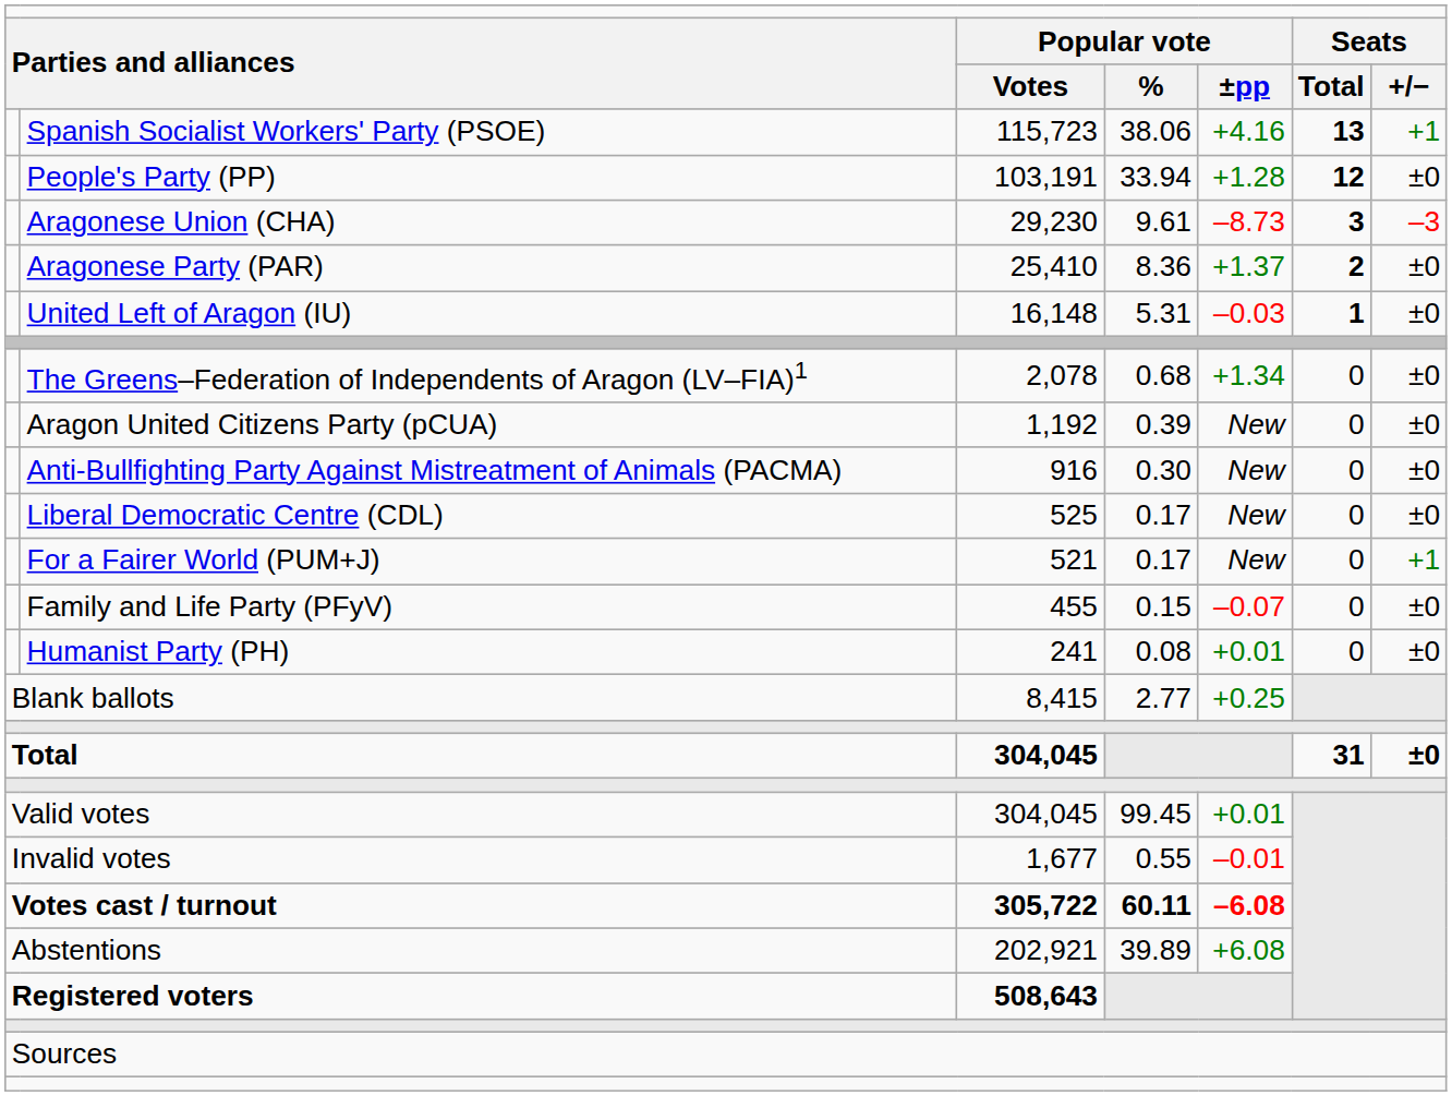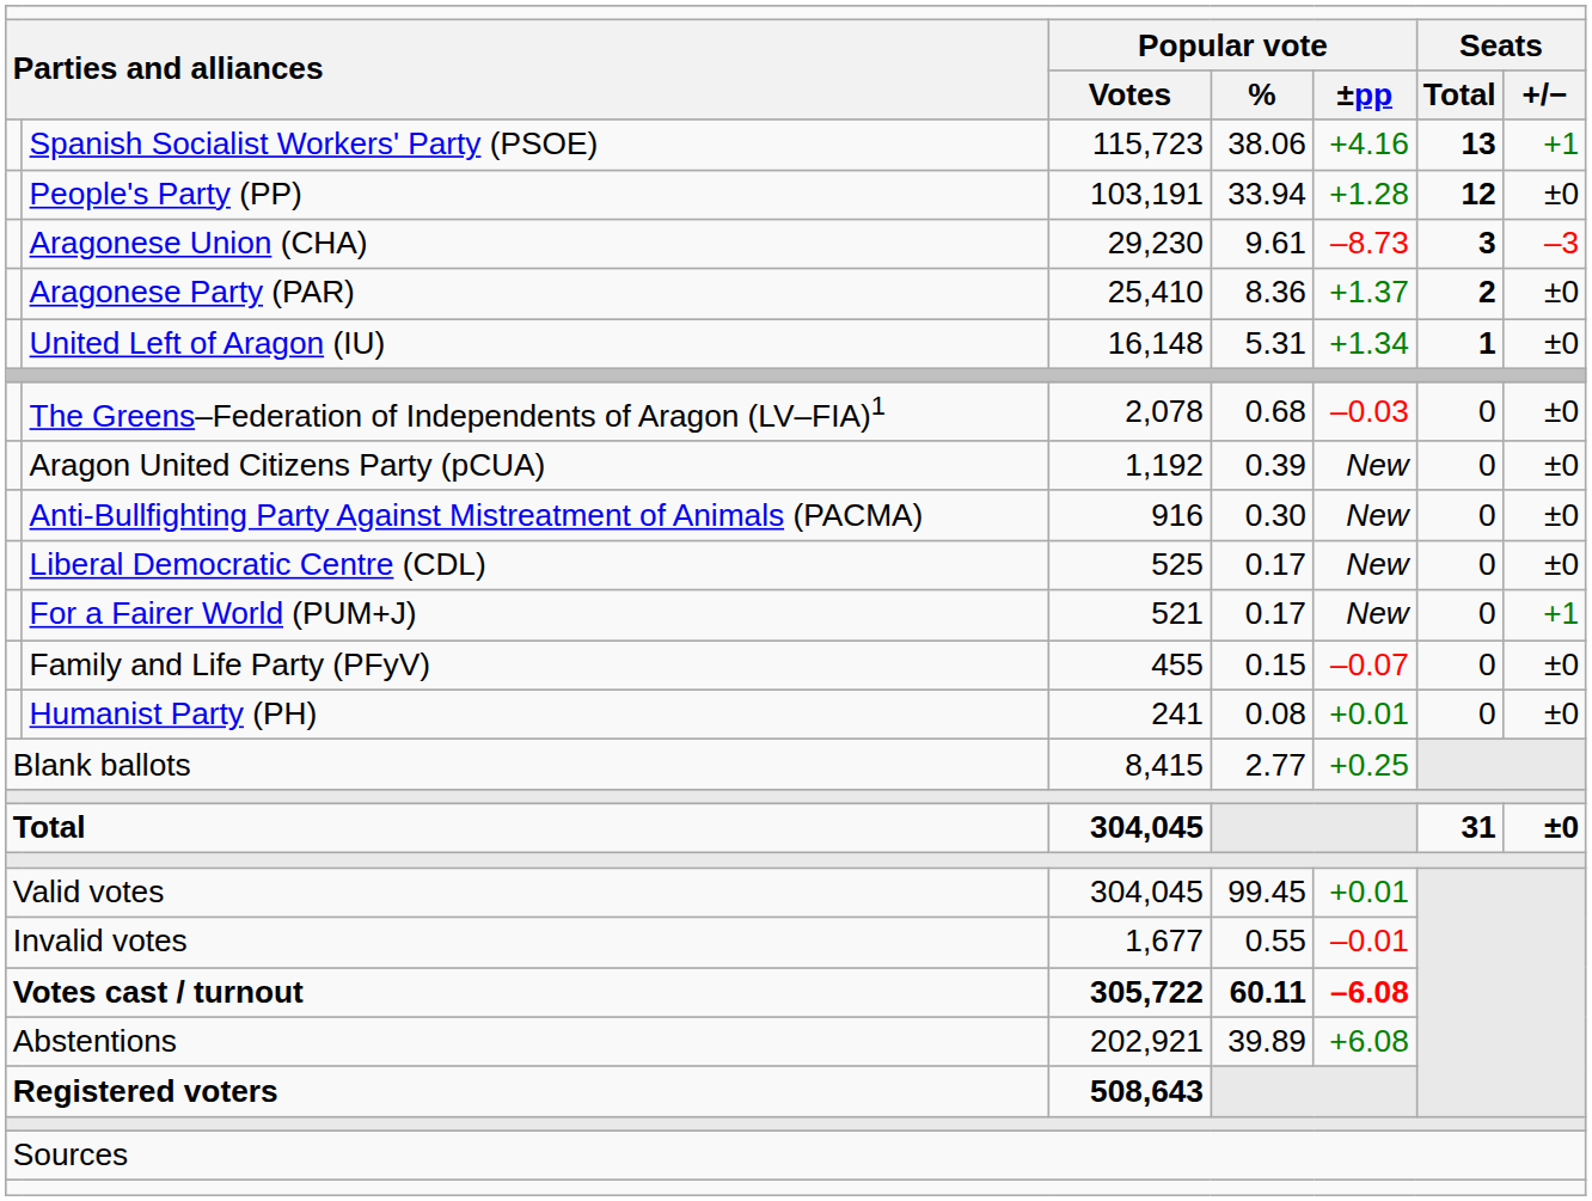 <table class="wikitable" style="text-align:right;">
 <tr>
 <td colspan="7"></td>
 </tr>
 <tr>
 <th style="text-align:left;" rowspan="2" colspan="2" width="525">Parties and alliances</th>
 <th colspan="3">Popular vote</th>
 <th colspan="2">Seats</th>
 </tr>
 <tr>
 <th width="75">Votes</th>
 <th width="45">%</th>
 <th width="45">±<a href='#'>pp</a></th>
 <th width="35">Total</th>
 <th width="35">+/−</th>
 </tr>
 <tr>
 <td width="1" style="color:inherit;background:"></td>
 <td align="left"><a href='#'>Spanish Socialist Workers' Party</a> (PSOE)</td>
 <td>115,723</td>
 <td>38.06</td>
 <td style="color:green;">+4.16</td>
 <td><strong>13</strong></td>
 <td style="color:green;">+1</td>
 </tr>
 <tr>
 <td style="color:inherit;background:"></td>
 <td align="left"><a href='#'>People's Party</a> (PP)</td>
 <td>103,191</td>
 <td>33.94</td>
 <td style="color:green;">+1.28</td>
 <td><strong>12</strong></td>
 <td>±0</td>
 </tr>
 <tr>
 <td style="color:inherit;background:"></td>
 <td align="left"><a href='#'>Aragonese Union</a> (CHA)</td>
 <td>29,230</td>
 <td>9.61</td>
 <td style="color:red;">–8.73</td>
 <td><strong>3</strong></td>
 <td style="color:red;">–3</td>
 </tr>
 <tr>
 <td style="color:inherit;background:"></td>
 <td align="left"><a href='#'>Aragonese Party</a> (PAR)</td>
 <td>25,410</td>
 <td>8.36</td>
 <td style="color:green;">+1.37</td>
 <td><strong>2</strong></td>
 <td>±0</td>
 </tr>
 <tr>
 <td style="color:inherit;background:"></td>
 <td align="left"><a href='#'>United Left of Aragon</a> (IU)</td>
 <td>16,148</td>
 <td>5.31</td>
-<td style="color:red;">–0.03</td>
+<td style="color:green;">+1.34</td>
 <td><strong>1</strong></td>
 <td>±0</td>
 </tr>
 <tr>
 <td colspan="7" bgcolor="#C0C0C0"></td>
 </tr>
 <tr>
 <td style="color:inherit;background:"></td>
 <td align="left"><a href='#'>The Greens</a>–Federation of Independents of Aragon (LV–FIA)<sup>1</sup></td>
 <td>2,078</td>
 <td>0.68</td>
-<td style="color:green;">+1.34</td>
+<td style="color:red;">–0.03</td>
 <td>0</td>
 <td>±0</td>
 </tr>
 <tr>
 <td style="color:inherit;background:"></td>
 <td align="left">Aragon United Citizens Party (pCUA)</td>
 <td>1,192</td>
 <td>0.39</td>
 <td><em>New</em></td>
 <td>0</td>
 <td>±0</td>
 </tr>
 <tr>
 <td style="color:inherit;background:"></td>
 <td align="left"><a href='#'>Anti-Bullfighting Party Against Mistreatment of Animals</a> (PACMA)</td>
 <td>916</td>
 <td>0.30</td>
 <td><em>New</em></td>
 <td>0</td>
 <td>±0</td>
 </tr>
 <tr>
 <td style="color:inherit;background:"></td>
 <td align="left"><a href='#'>Liberal Democratic Centre</a> (CDL)</td>
 <td>525</td>
 <td>0.17</td>
 <td><em>New</em></td>
 <td>0</td>
 <td>±0</td>
 </tr>
 <tr>
 <td style="color:inherit;background:"></td>
 <td align="left"><a href='#'>For a Fairer World</a> (PUM+J)</td>
 <td>521</td>
 <td>0.17</td>
 <td><em>New</em></td>
 <td>0</td>
 <td style="color:green;">+1</td>
 </tr>
 <tr>
 <td style="color:inherit;background:"></td>
 <td align="left">Family and Life Party (PFyV)</td>
 <td>455</td>
 <td>0.15</td>
 <td style="color:red;">–0.07</td>
 <td>0</td>
 <td>±0</td>
 </tr>
 <tr>
 <td style="color:inherit;background:"></td>
 <td align="left"><a href='#'>Humanist Party</a> (PH)</td>
 <td>241</td>
 <td>0.08</td>
 <td style="color:green;">+0.01</td>
 <td>0</td>
 <td>±0</td>
 </tr>
 <tr>
 <td align="left" colspan="2">Blank ballots</td>
 <td>8,415</td>
 <td>2.77</td>
 <td style="color:green;">+0.25</td>
 <td bgcolor="#E9E9E9" colspan="2"></td>
 </tr>
 <tr>
 <td colspan="7" bgcolor="#E9E9E9"></td>
 </tr>
 <tr style="font-weight:bold;">
 <td align="left" colspan="2">Total</td>
 <td>304,045</td>
 <td bgcolor="#E9E9E9" colspan="2"></td>
 <td>31</td>
 <td>±0</td>
 </tr>
 <tr>
 <td colspan="7" bgcolor="#E9E9E9"></td>
 </tr>
 <tr>
 <td align="left" colspan="2">Valid votes</td>
 <td>304,045</td>
 <td>99.45</td>
 <td style="color:green;">+0.01</td>
 <td bgcolor="#E9E9E9" colspan="2" rowspan="5"></td>
 </tr>
 <tr>
 <td align="left" colspan="2">Invalid votes</td>
 <td>1,677</td>
 <td>0.55</td>
 <td style="color:red;">–0.01</td>
 </tr>
 <tr style="font-weight:bold;">
 <td align="left" colspan="2">Votes cast / turnout</td>
 <td>305,722</td>
 <td>60.11</td>
 <td style="color:red;">–6.08</td>
 </tr>
 <tr>
 <td align="left" colspan="2">Abstentions</td>
 <td>202,921</td>
 <td>39.89</td>
 <td style="color:green;">+6.08</td>
 </tr>
 <tr style="font-weight:bold;">
 <td align="left" colspan="2">Registered voters</td>
 <td>508,643</td>
 <td bgcolor="#E9E9E9" colspan="2"></td>
 </tr>
 <tr>
 <td colspan="7" bgcolor="#E9E9E9"></td>
 </tr>
 <tr>
 <td align="left" colspan="7">Sources</td>
 </tr>
 <tr>
 <td colspan="7" style="text-align:left; max-width:790px;"></td>
 </tr>
 </table>
